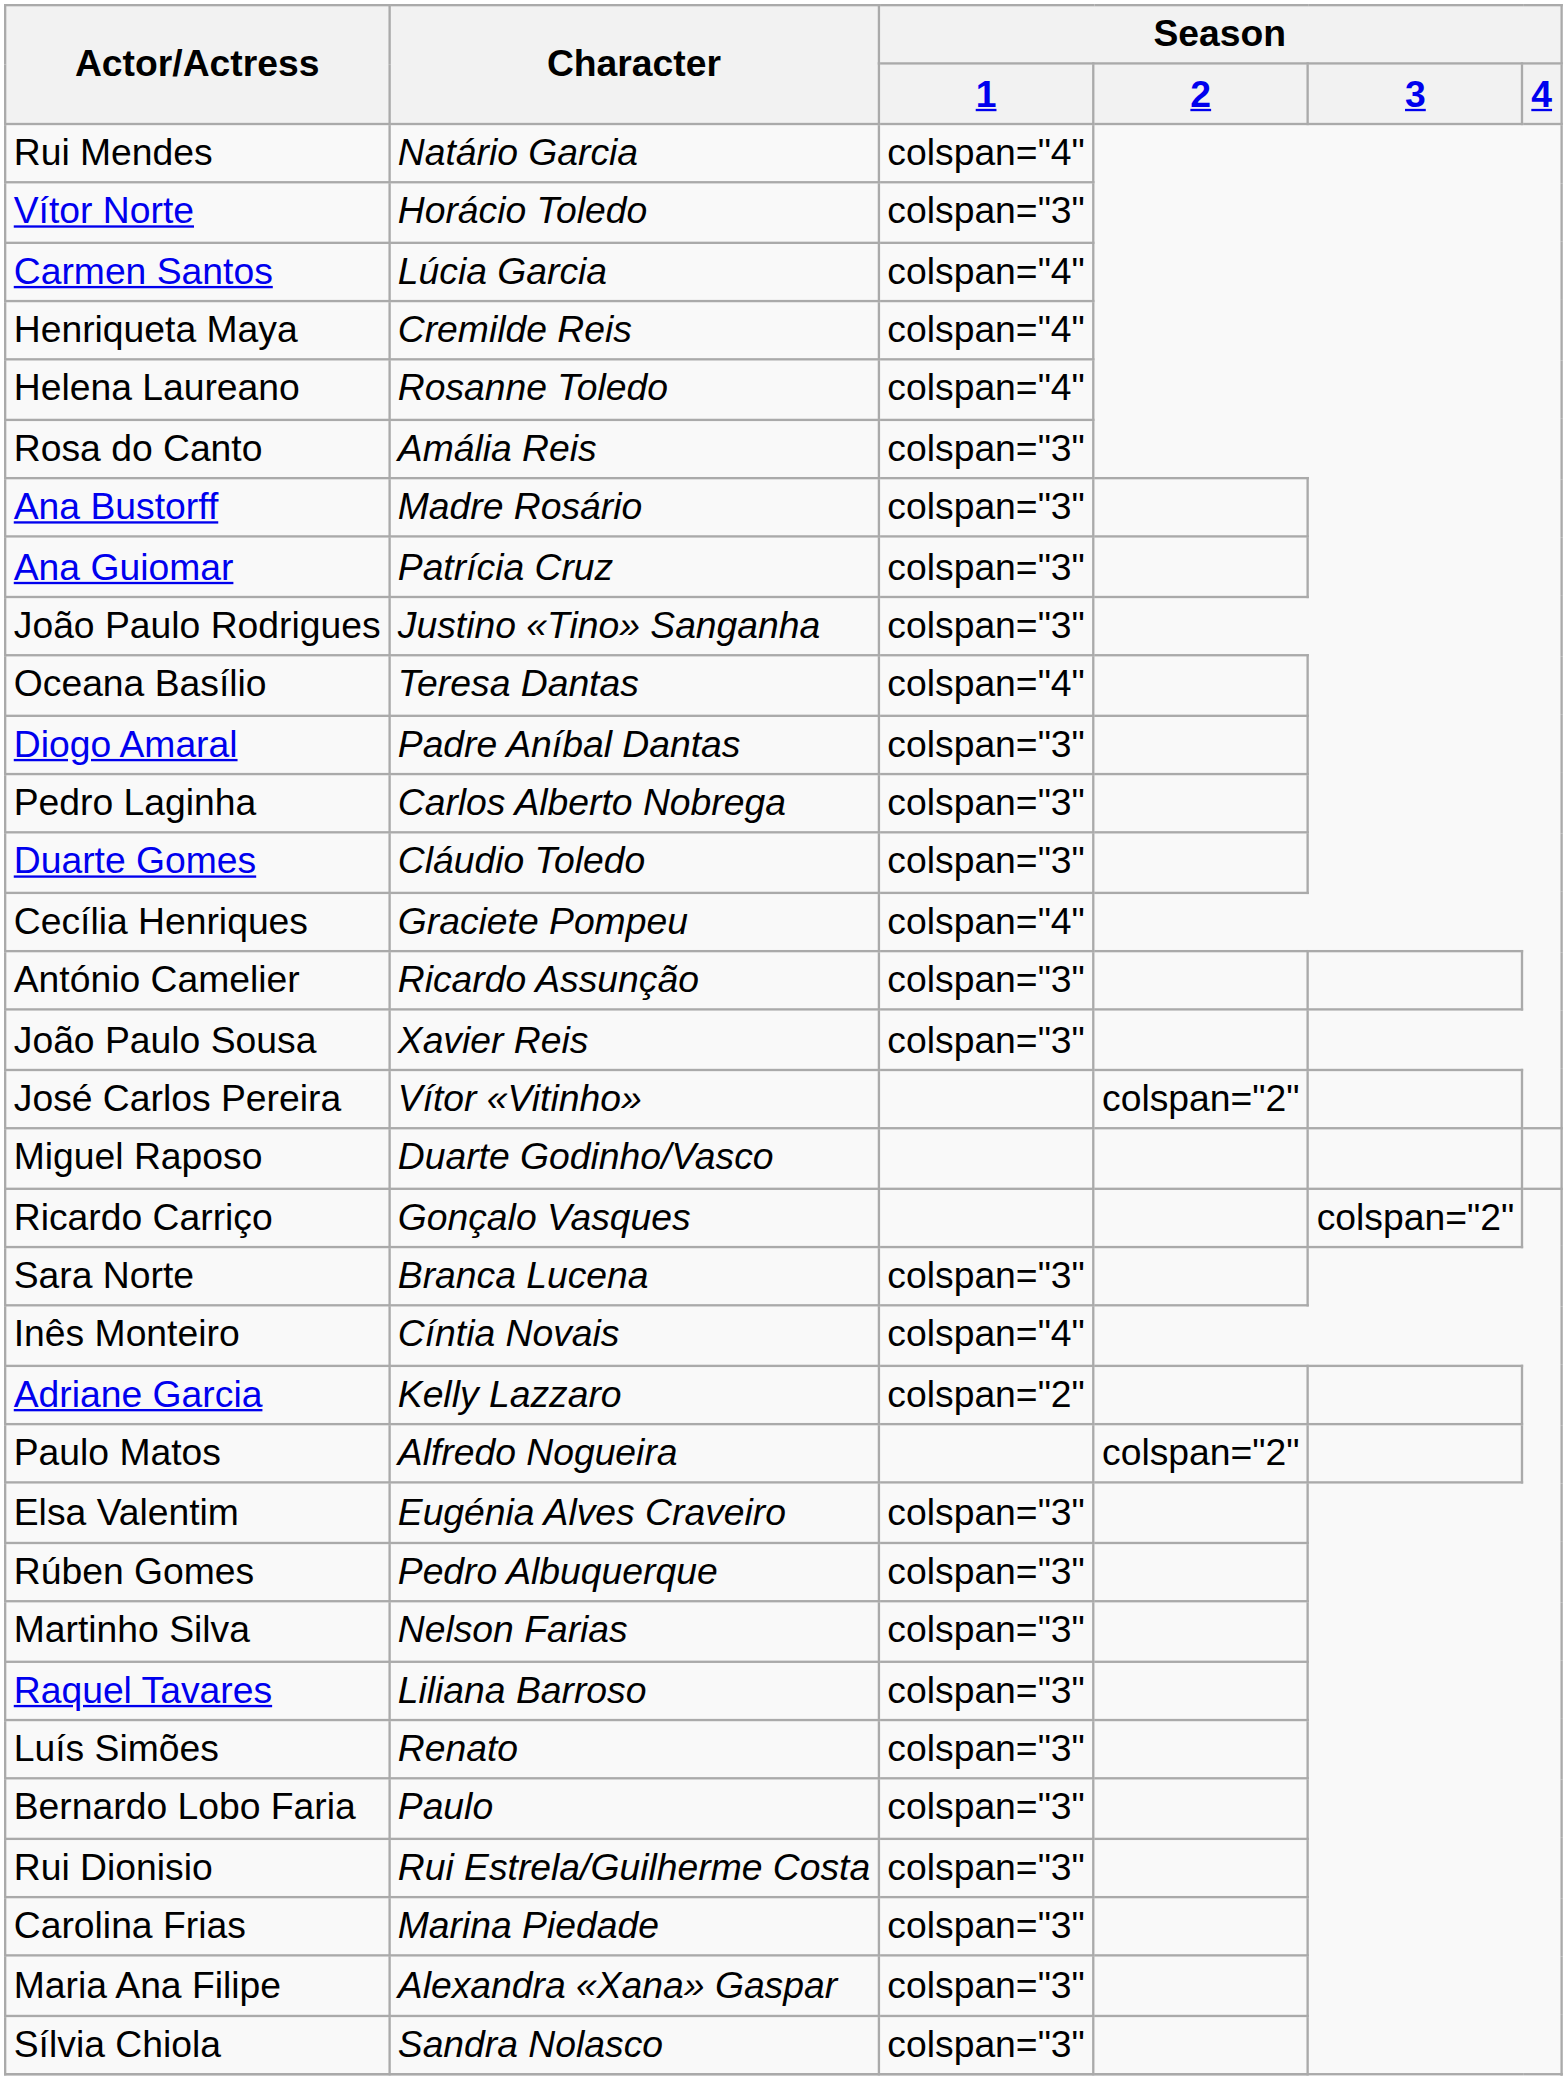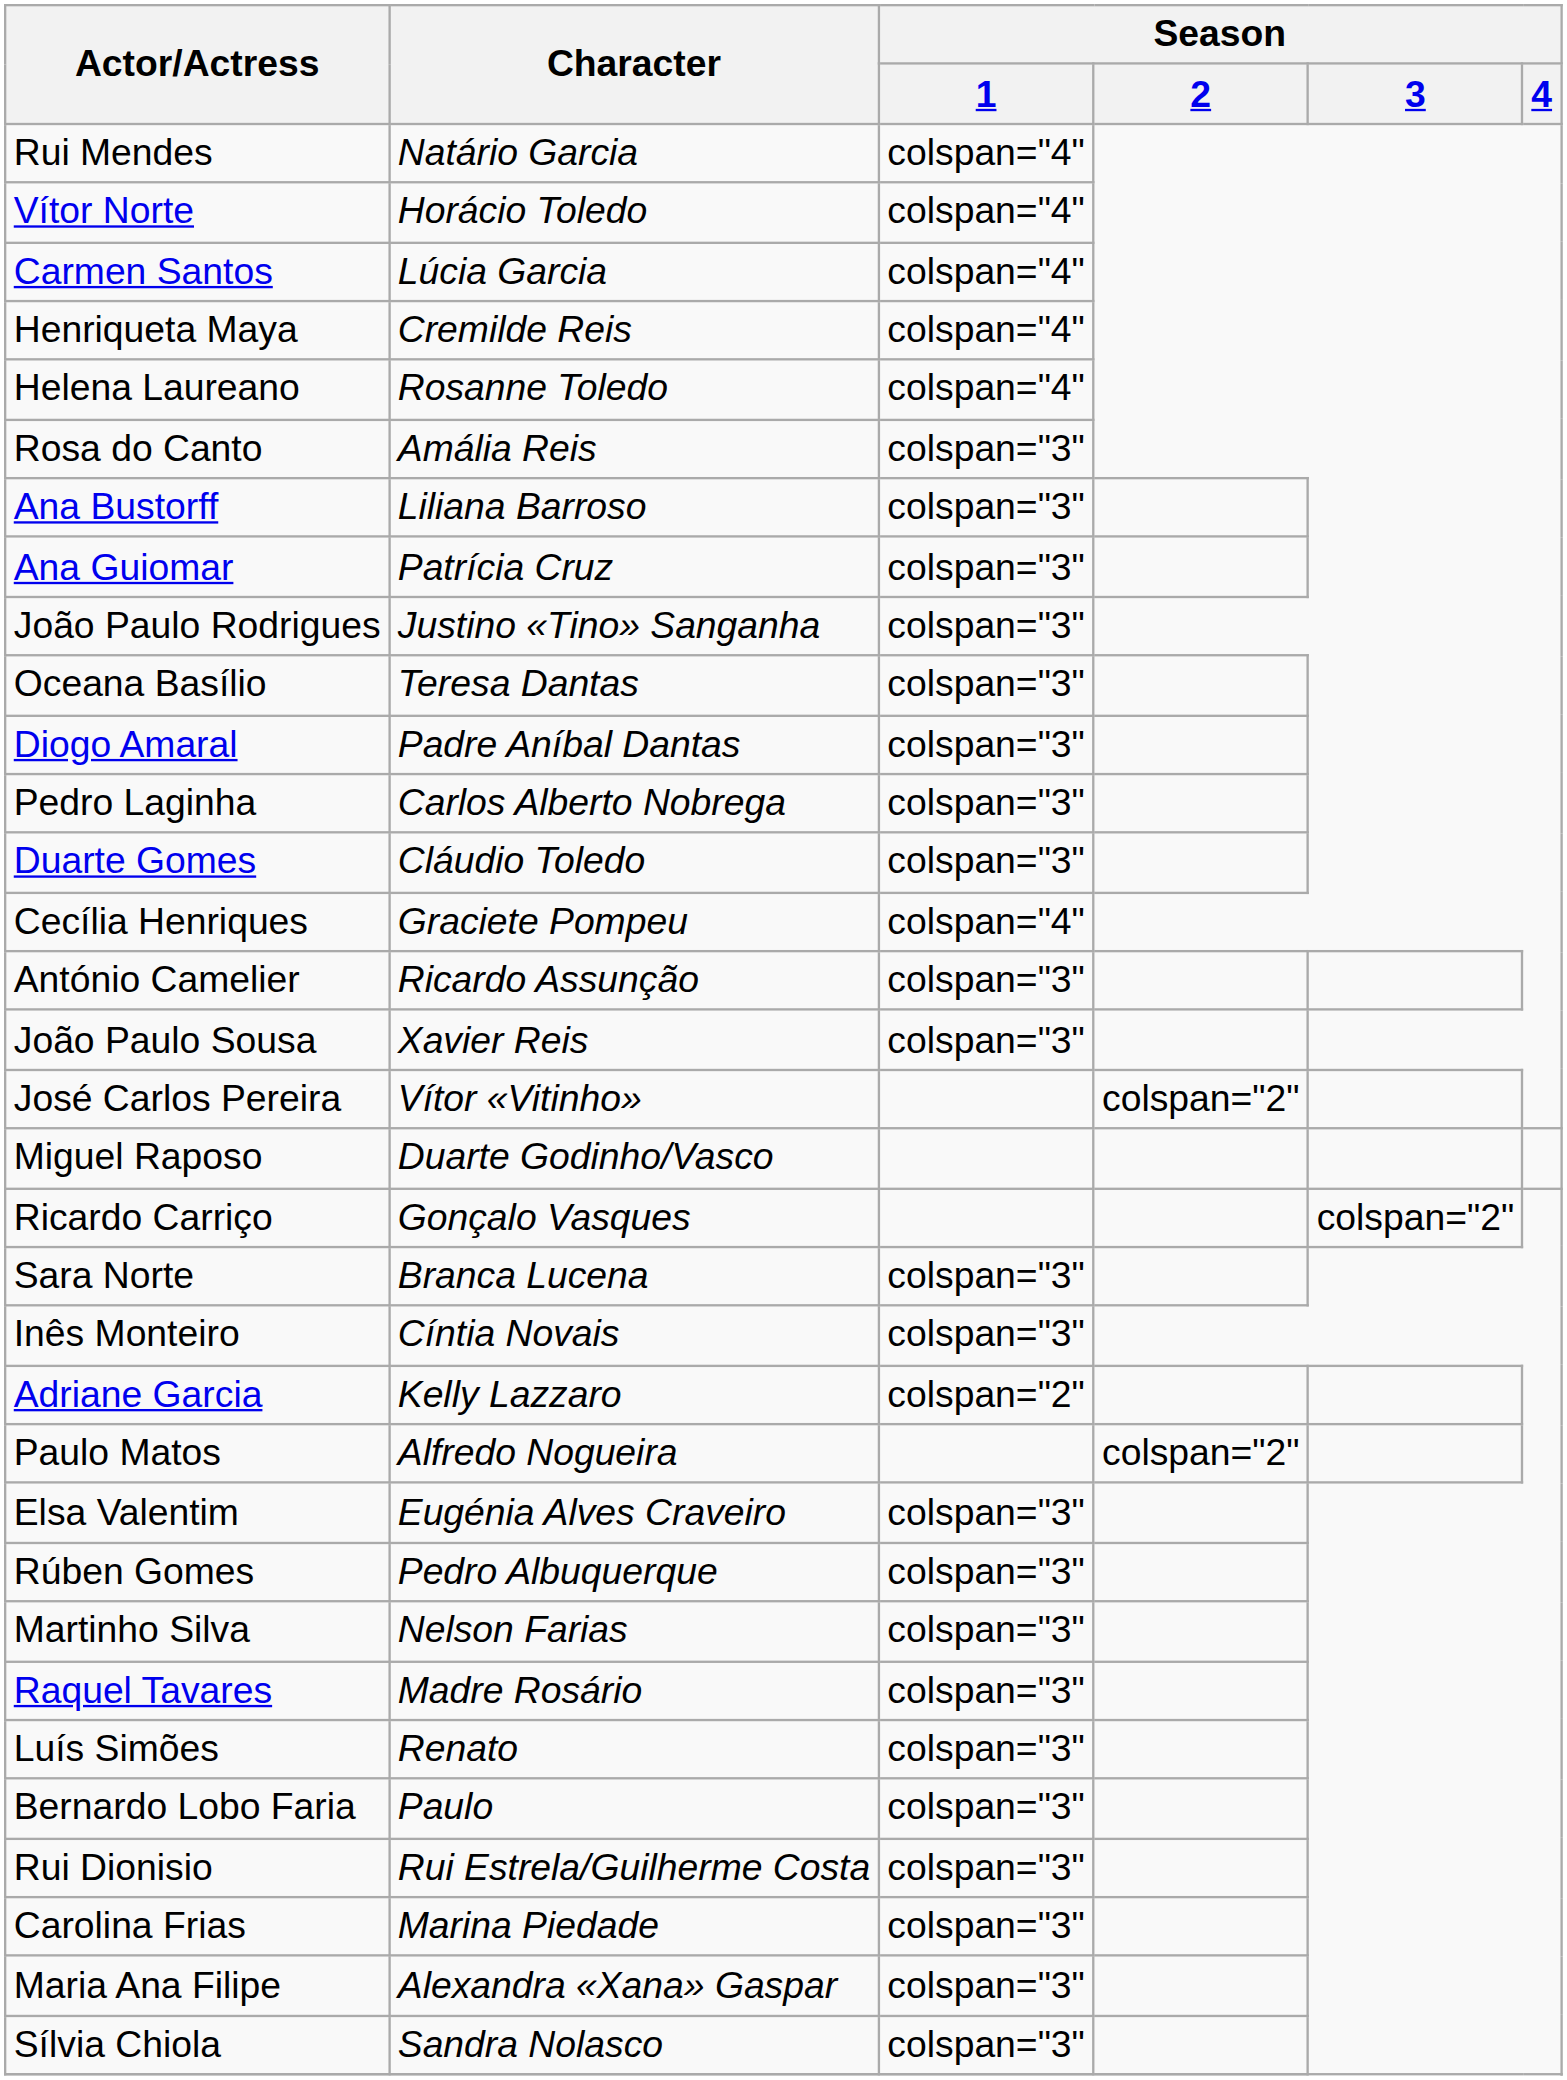 <table class="wikitable sortable">
 <tr>
 <th rowspan="2">Actor/Actress</th>
 <th rowspan="2">Character</th>
 <th colspan="4">Season</th>
 </tr>
 <tr>
 <th><a href='#'>1</a></th>
 <th><a href='#'>2</a></th>
 <th><a href='#'>3</a></th>
 <th><a href='#'>4</a></th>
 </tr>
 <tr>
 <td>Rui Mendes</td>
 <td><em>Natário Garcia</em></td>
 <td>colspan="4" </td>
 </tr>
 <tr>
 <td><a href='#'>Vítor Norte</a></td>
 <td><em>Horácio Toledo</em></td>
-<td>colspan="3" </td>
+<td>colspan="4" </td>
 </tr>
 <tr>
 <td><a href='#'>Carmen Santos</a></td>
 <td><em>Lúcia Garcia</em></td>
 <td>colspan="4" </td>
 </tr>
 <tr>
 <td>Henriqueta Maya</td>
 <td><em>Cremilde Reis</em></td>
 <td>colspan="4" </td>
 </tr>
 <tr>
 <td>Helena Laureano</td>
 <td><em>Rosanne Toledo</em></td>
 <td>colspan="4" </td>
 </tr>
 <tr>
 <td>Rosa do Canto</td>
 <td><em>Amália Reis</em></td>
 <td>colspan="3" </td>
 </tr>
 <tr>
 <td><a href='#'>Ana Bustorff</a></td>
-<td><em>Madre Rosário</em></td>
+<td><em>Liliana Barroso</em></td>
 <td>colspan="3" </td>
 <td></td>
 </tr>
 <tr>
 <td><a href='#'>Ana Guiomar</a></td>
 <td><em>Patrícia Cruz</em></td>
 <td>colspan="3" </td>
 <td></td>
 </tr>
 <tr>
 <td>João Paulo Rodrigues</td>
 <td><em>Justino «Tino» Sanganha</em></td>
 <td>colspan="3" </td>
 </tr>
 <tr>
 <td>Oceana Basílio</td>
 <td><em>Teresa Dantas</em></td>
-<td>colspan="4" </td>
+<td>colspan="3" </td>
 <td></td>
 </tr>
 <tr>
 <td><a href='#'>Diogo Amaral</a></td>
 <td><em>Padre Aníbal Dantas</em></td>
 <td>colspan="3" </td>
 <td></td>
 </tr>
 <tr>
 <td>Pedro Laginha</td>
 <td><em>Carlos Alberto Nobrega</em></td>
 <td>colspan="3" </td>
 <td></td>
 </tr>
 <tr>
 <td><a href='#'>Duarte Gomes</a></td>
 <td><em>Cláudio Toledo</em></td>
 <td>colspan="3" </td>
 <td></td>
 </tr>
 <tr>
 <td>Cecília Henriques</td>
 <td><em>Graciete Pompeu</em></td>
 <td>colspan="4" </td>
 </tr>
 <tr>
 <td>António Camelier</td>
 <td><em>Ricardo Assunção</em></td>
 <td>colspan="3" </td>
 <td></td>
 <td></td>
 </tr>
 <tr>
 <td>João Paulo Sousa</td>
 <td><em>Xavier Reis</em></td>
 <td>colspan="3" </td>
 <td></td>
 </tr>
 <tr>
 <td>José Carlos Pereira</td>
 <td><em>Vítor «Vitinho»</em></td>
 <td></td>
 <td>colspan="2" </td>
 <td></td>
 </tr>
 <tr>
 <td>Miguel Raposo</td>
 <td><em>Duarte Godinho/Vasco</em></td>
 <td></td>
 <td></td>
 <td></td>
 <td></td>
 </tr>
 <tr>
 <td>Ricardo Carriço</td>
 <td><em>Gonçalo Vasques</em></td>
 <td></td>
 <td></td>
 <td>colspan="2" </td>
 </tr>
 <tr>
 <td>Sara Norte</td>
 <td><em>Branca Lucena</em></td>
 <td>colspan="3" </td>
 <td></td>
 </tr>
 <tr>
 <td>Inês Monteiro</td>
 <td><em>Cíntia Novais</em></td>
-<td>colspan="4" </td>
+<td>colspan="3" </td>
 </tr>
 <tr>
 <td><a href='#'>Adriane Garcia</a></td>
 <td><em>Kelly Lazzaro</em></td>
 <td>colspan="2" </td>
 <td></td>
 <td></td>
 </tr>
 <tr>
 <td>Paulo Matos</td>
 <td><em>Alfredo Nogueira</em></td>
 <td></td>
 <td>colspan="2" </td>
 <td></td>
 </tr>
 <tr>
 <td>Elsa Valentim</td>
 <td><em>Eugénia Alves Craveiro</em></td>
 <td>colspan="3" </td>
 <td></td>
 </tr>
 <tr>
 <td>Rúben Gomes</td>
 <td><em>Pedro Albuquerque</em></td>
 <td>colspan="3" </td>
 <td></td>
 </tr>
 <tr>
 <td>Martinho Silva</td>
 <td><em>Nelson Farias</em></td>
 <td>colspan="3" </td>
 <td></td>
 </tr>
 <tr>
 <td><a href='#'>Raquel Tavares</a></td>
-<td><em>Liliana Barroso</em></td>
+<td><em>Madre Rosário</em></td>
 <td>colspan="3" </td>
 <td></td>
 </tr>
 <tr>
 <td>Luís Simões</td>
 <td><em>Renato</em></td>
 <td>colspan="3" </td>
 <td></td>
 </tr>
 <tr>
 <td>Bernardo Lobo Faria</td>
 <td><em>Paulo</em></td>
 <td>colspan="3" </td>
 <td></td>
 </tr>
 <tr>
 <td>Rui Dionisio</td>
 <td><em>Rui Estrela/Guilherme Costa</em></td>
 <td>colspan="3" </td>
 <td></td>
 </tr>
 <tr>
 <td>Carolina Frias</td>
 <td><em>Marina Piedade</em></td>
 <td>colspan="3" </td>
 <td></td>
 </tr>
 <tr>
 <td>Maria Ana Filipe</td>
 <td><em>Alexandra «Xana» Gaspar</em></td>
 <td>colspan="3" </td>
 <td></td>
 </tr>
 <tr>
 <td>Sílvia Chiola</td>
 <td><em>Sandra Nolasco</em></td>
 <td>colspan="3" </td>
 <td></td>
 </tr>
 <tr>
 </tr>
 </table>
